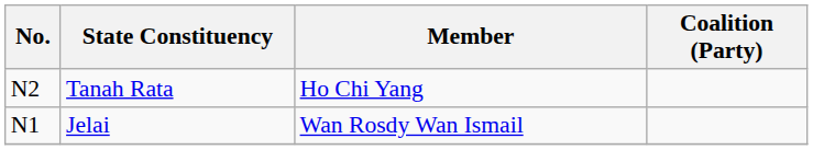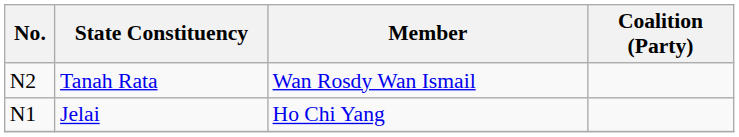 <table class="wikitable">
 <tr>
 <th width="30">No.</th>
 <th width="150">State Constituency</th>
 <th width="230">Member</th>
 <th width="100">Coalition (Party)</th>
 </tr>
 <tr>
 <td>N2</td>
 <td><a href='#'>Tanah Rata</a></td>
-<td><a href='#'>Ho Chi Yang</a></td>
+<td><a href='#'>Wan Rosdy Wan Ismail</a></td>
 <td></td>
 </tr>
 <tr>
 <td>N1</td>
 <td><a href='#'>Jelai</a></td>
-<td><a href='#'>Wan Rosdy Wan Ismail</a></td>
+<td><a href='#'>Ho Chi Yang</a></td>
 <td></td>
 </tr>
 <tr>
 </tr>
 </table>
